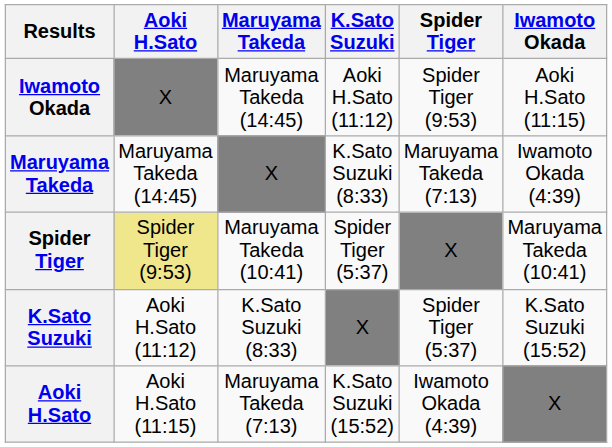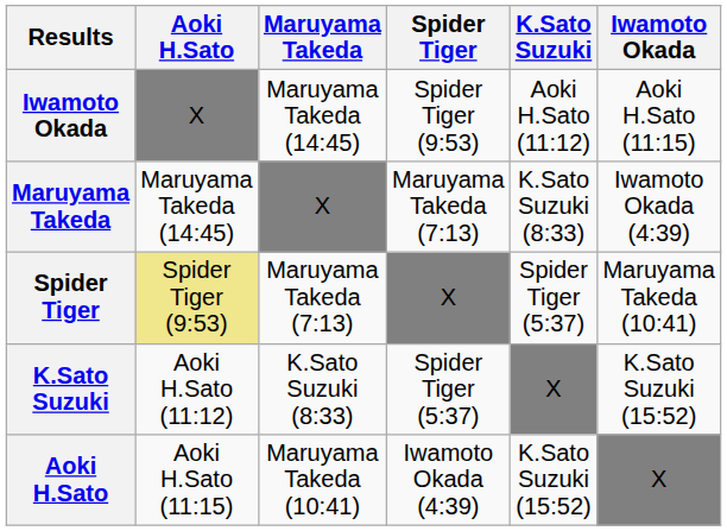 <table class="wikitable" style="text-align:center; margin: 1em auto 1em auto">
 <tr>
 <th>Results</th>
 <th><a href='#'>Aoki</a><br><a href='#'>H.Sato</a></th>
 <th><a href='#'>Maruyama</a><br><a href='#'>Takeda</a></th>
+<th>Spider<br><a href='#'>Tiger</a></th>
 <th><a href='#'>K.Sato</a><br><a href='#'>Suzuki</a></th>
-<th>Spider<br><a href='#'>Tiger</a></th>
 <th><a href='#'>Iwamoto</a><br>Okada</th>
 </tr>
 <tr>
 <th><a href='#'>Iwamoto</a><br>Okada</th>
 <td bgcolor=grey>X</td>
 <td>Maruyama<br>Takeda<br>(14:45)</td>
+<td>Spider<br>Tiger<br>(9:53)</td>
 <td>Aoki<br>H.Sato<br>(11:12)</td>
-<td>Spider<br>Tiger<br>(9:53)</td>
 <td>Aoki<br>H.Sato<br>(11:15)</td>
 </tr>
 <tr>
 <th><a href='#'>Maruyama</a><br><a href='#'>Takeda</a></th>
 <td>Maruyama<br>Takeda<br>(14:45)</td>
 <td bgcolor=grey>X</td>
+<td>Maruyama<br>Takeda<br>(7:13)</td>
 <td>K.Sato<br>Suzuki<br>(8:33)</td>
-<td>Maruyama<br>Takeda<br>(7:13)</td>
 <td>Iwamoto<br>Okada<br>(4:39)</td>
 </tr>
 <tr>
 <th>Spider<br><a href='#'>Tiger</a></th>
 <td style="background: khaki;">Spider<br>Tiger<br>(9:53)</td>
-<td>Maruyama<br>Takeda<br>(10:41)</td>
+<td>Maruyama<br>Takeda<br>(7:13)</td>
+<td bgcolor=grey>X</td>
 <td>Spider<br>Tiger<br>(5:37)</td>
-<td bgcolor=grey>X</td>
 <td>Maruyama<br>Takeda<br>(10:41)</td>
 </tr>
 <tr>
 <th><a href='#'>K.Sato</a><br><a href='#'>Suzuki</a></th>
 <td>Aoki<br>H.Sato<br>(11:12)</td>
 <td>K.Sato<br>Suzuki<br>(8:33)</td>
+<td>Spider<br>Tiger<br>(5:37)</td>
 <td bgcolor=grey>X</td>
-<td>Spider<br>Tiger<br>(5:37)</td>
 <td>K.Sato<br>Suzuki<br>(15:52)</td>
 </tr>
 <tr>
 <th><a href='#'>Aoki</a><br><a href='#'>H.Sato</a></th>
 <td>Aoki<br>H.Sato<br>(11:15)</td>
-<td>Maruyama<br>Takeda<br>(7:13)</td>
+<td>Maruyama<br>Takeda<br>(10:41)</td>
+<td>Iwamoto<br>Okada<br>(4:39)</td>
 <td>K.Sato<br>Suzuki<br>(15:52)</td>
-<td>Iwamoto<br>Okada<br>(4:39)</td>
 <td bgcolor=grey>X</td>
 </tr>
 </table>
